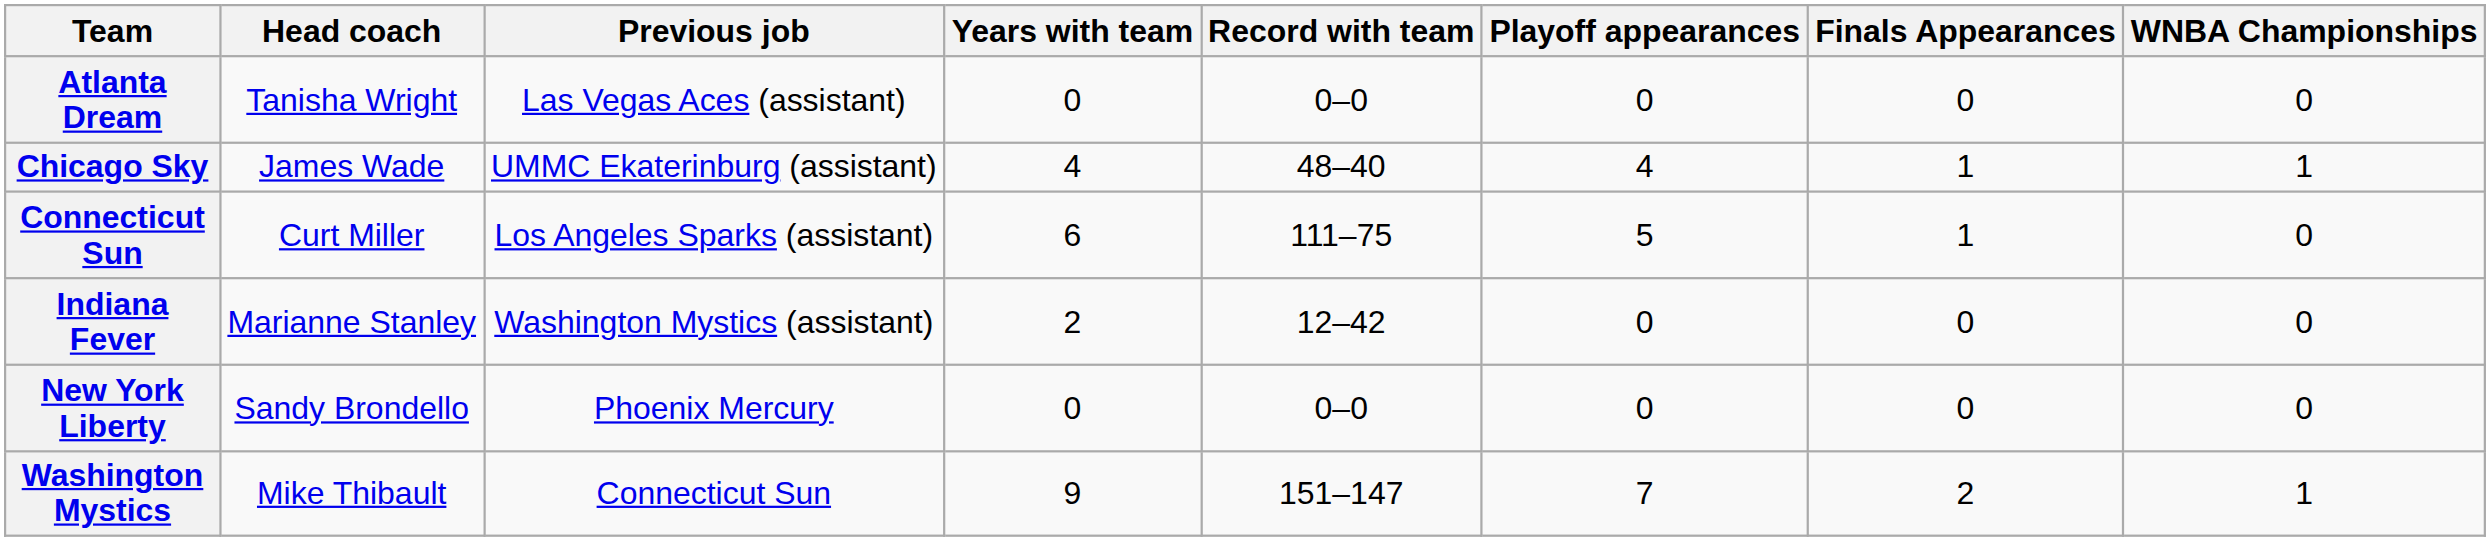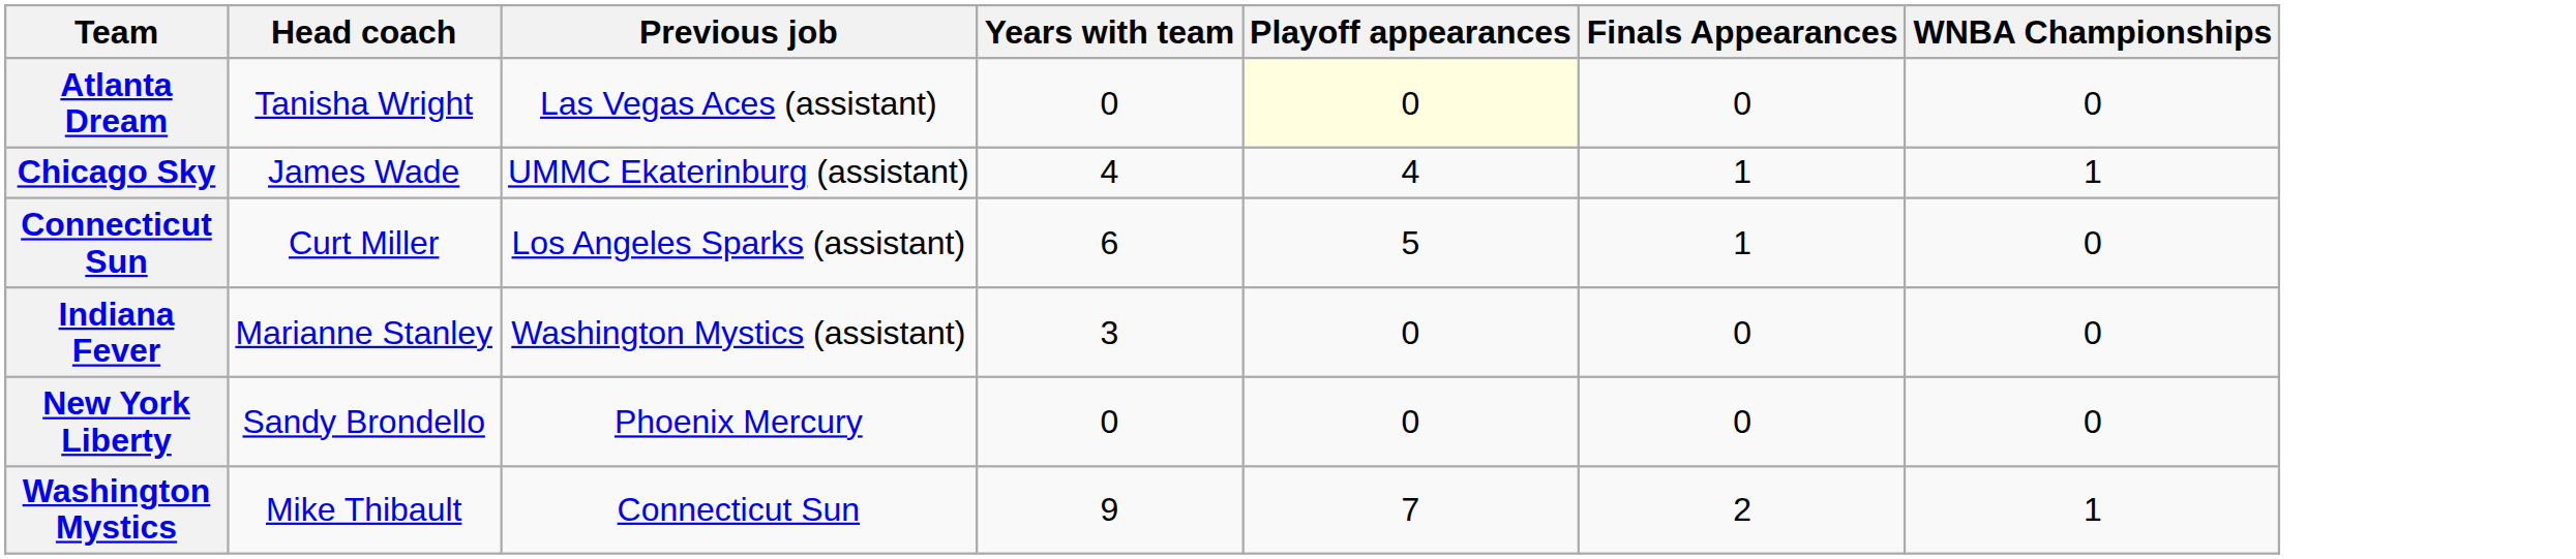 <table class="wikitable sortable" style="text-align: center;font-size:90%;">
 <tr>
 <th width="90">Team</th>
 <th>Head coach</th>
 <th>Previous job</th>
 <th>Years with team</th>
-<th>Record with team</th>
 <th>Playoff appearances</th>
 <th>Finals Appearances</th>
 <th>WNBA Championships</th>
 </tr>
 <tr>
 <th><a href='#'><span>Atlanta Dream</span></a></th>
 <td><a href='#'>Tanisha Wright</a></td>
 <td><a href='#'>Las Vegas Aces</a> (assistant)</td>
 <td>0</td>
-<td>0–0</td>
-<td>0</td>
+<td style="background: lightyellow;">0</td>
 <td>0</td>
 <td>0</td>
 </tr>
 <tr>
 <th><a href='#'><span>Chicago Sky</span></a></th>
 <td><a href='#'>James Wade</a></td>
 <td><a href='#'>UMMC Ekaterinburg</a> (assistant)</td>
 <td>4</td>
-<td>48–40</td>
 <td>4</td>
 <td>1</td>
 <td>1</td>
 </tr>
 <tr>
 <th><a href='#'><span>Connecticut Sun</span></a></th>
 <td><a href='#'>Curt Miller</a></td>
 <td><a href='#'>Los Angeles Sparks</a> (assistant)</td>
 <td>6</td>
-<td>111–75</td>
 <td>5</td>
 <td>1</td>
 <td>0</td>
 </tr>
 <tr>
 <th><a href='#'><span>Indiana Fever</span></a></th>
 <td><a href='#'>Marianne Stanley</a></td>
 <td><a href='#'>Washington Mystics</a> (assistant)</td>
-<td>2</td>
-<td>12–42</td>
+<td>3</td>
 <td>0</td>
 <td>0</td>
 <td>0</td>
 </tr>
 <tr>
 <th><a href='#'><span>New York Liberty</span></a></th>
 <td><a href='#'>Sandy Brondello</a></td>
 <td><a href='#'>Phoenix Mercury</a></td>
 <td>0</td>
-<td>0–0</td>
 <td>0</td>
 <td>0</td>
 <td>0</td>
 </tr>
 <tr>
 <th><a href='#'><span>Washington Mystics</span></a></th>
 <td><a href='#'>Mike Thibault</a></td>
 <td><a href='#'>Connecticut Sun</a></td>
 <td>9</td>
-<td>151–147</td>
 <td>7</td>
 <td>2</td>
 <td>1</td>
 </tr>
 </table>
